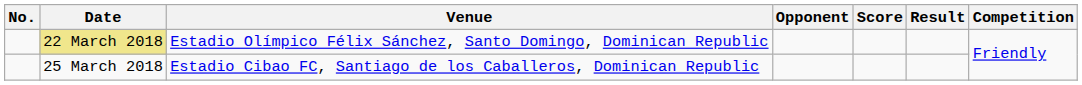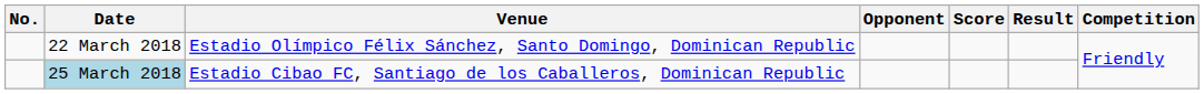 <table class="wikitable">
 <tr>
 <th>No.</th>
 <th>Date</th>
 <th>Venue</th>
 <th>Opponent</th>
 <th>Score</th>
 <th>Result</th>
 <th>Competition</th>
 </tr>
 <tr>
 <td></td>
-<td style="background: khaki;">22 March 2018</td>
+<td>22 March 2018</td>
 <td><a href='#'>Estadio Olímpico Félix Sánchez</a>, <a href='#'>Santo Domingo</a>, <a href='#'>Dominican Republic</a></td>
 <td></td>
 <td></td>
 <td></td>
 <td rowspan=2><a href='#'>Friendly</a></td>
 </tr>
 <tr>
 <td></td>
-<td>25 March 2018</td>
+<td style="background: lightblue;">25 March 2018</td>
 <td><a href='#'>Estadio Cibao FC</a>, <a href='#'>Santiago de los Caballeros</a>, <a href='#'>Dominican Republic</a></td>
 <td></td>
 <td></td>
 <td></td>
 </tr>
 </table>
